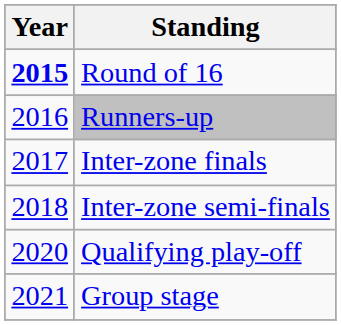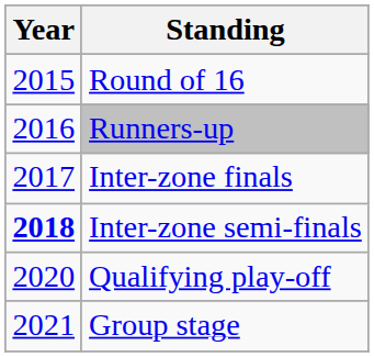 <table class="wikitable">
 <tr>
 <th>Year</th>
 <th>Standing</th>
 </tr>
 <tr>
-<td><strong><a href='#'>2015</a></strong></td>
+<td><a href='#'>2015</a></td>
 <td><a href='#'>Round of 16</a></td>
 </tr>
 <tr>
 <td><a href='#'>2016</a></td>
 <td bgcolor="silver"><a href='#'>Runners-up</a></td>
 </tr>
 <tr>
 <td><a href='#'>2017</a></td>
 <td><a href='#'> Inter-zone finals</a></td>
 </tr>
 <tr>
-<td><a href='#'>2018</a></td>
+<td><strong><a href='#'>2018</a></strong></td>
 <td><a href='#'> Inter-zone semi-finals</a></td>
 </tr>
 <tr>
 <td><a href='#'>2020</a></td>
 <td><a href='#'>Qualifying play-off</a></td>
 </tr>
 <tr>
 <td><a href='#'>2021</a></td>
 <td><a href='#'>Group stage</a></td>
 </tr>
 </table>
